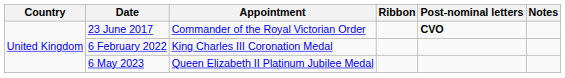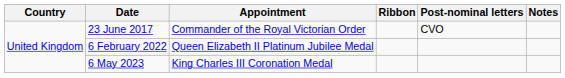 <table class="wikitable sortable">
 <tr>
 <th>Country</th>
 <th>Date</th>
 <th>Appointment</th>
 <th>Ribbon</th>
 <th>Post-nominal letters</th>
 <th>Notes</th>
 </tr>
 <tr>
 <td rowspan="3"><a href='#'>United Kingdom</a></td>
 <td><a href='#'>23 June 2017</a></td>
 <td><a href='#'>Commander of the Royal Victorian Order</a></td>
 <td></td>
-<td><strong>CVO</strong></td>
+<td>CVO</td>
 <td></td>
 </tr>
 <tr>
 <td><a href='#'>6 February 2022</a></td>
-<td><a href='#'>King Charles III Coronation Medal</a></td>
+<td><a href='#'>Queen Elizabeth II Platinum Jubilee Medal</a></td>
 <td></td>
 <td></td>
 <td></td>
 </tr>
 <tr>
 <td><a href='#'>6 May 2023</a></td>
-<td><a href='#'>Queen Elizabeth II Platinum Jubilee Medal</a></td>
+<td><a href='#'>King Charles III Coronation Medal</a></td>
 <td></td>
 <td></td>
 <td></td>
 </tr>
 </table>
